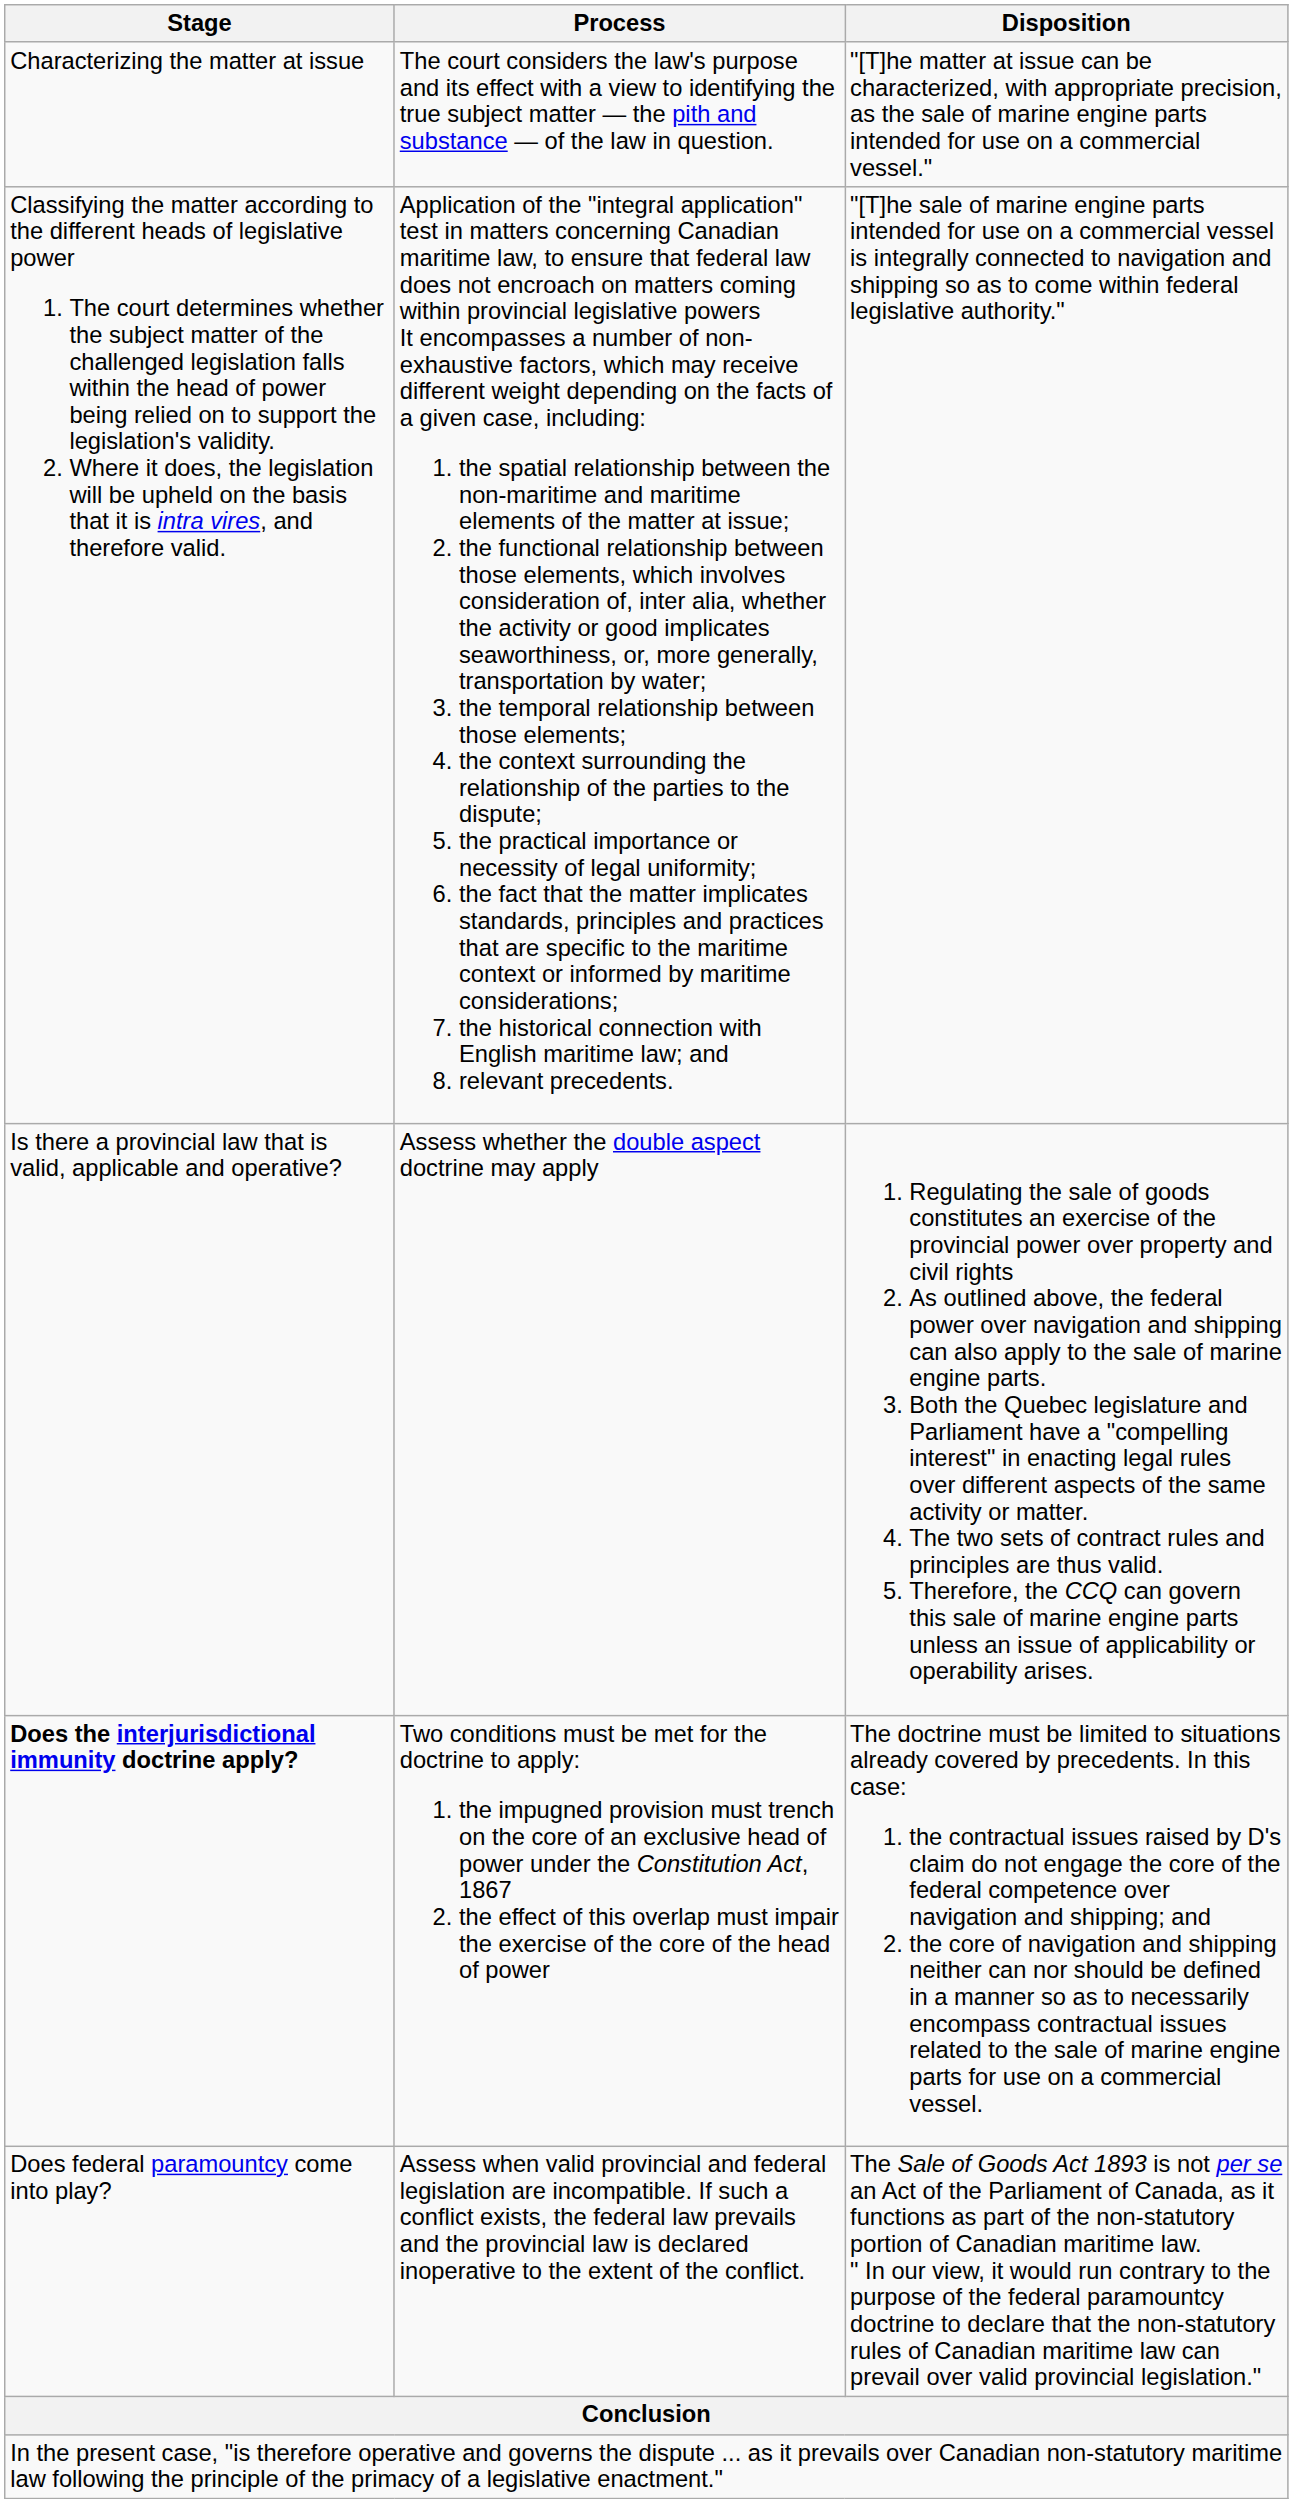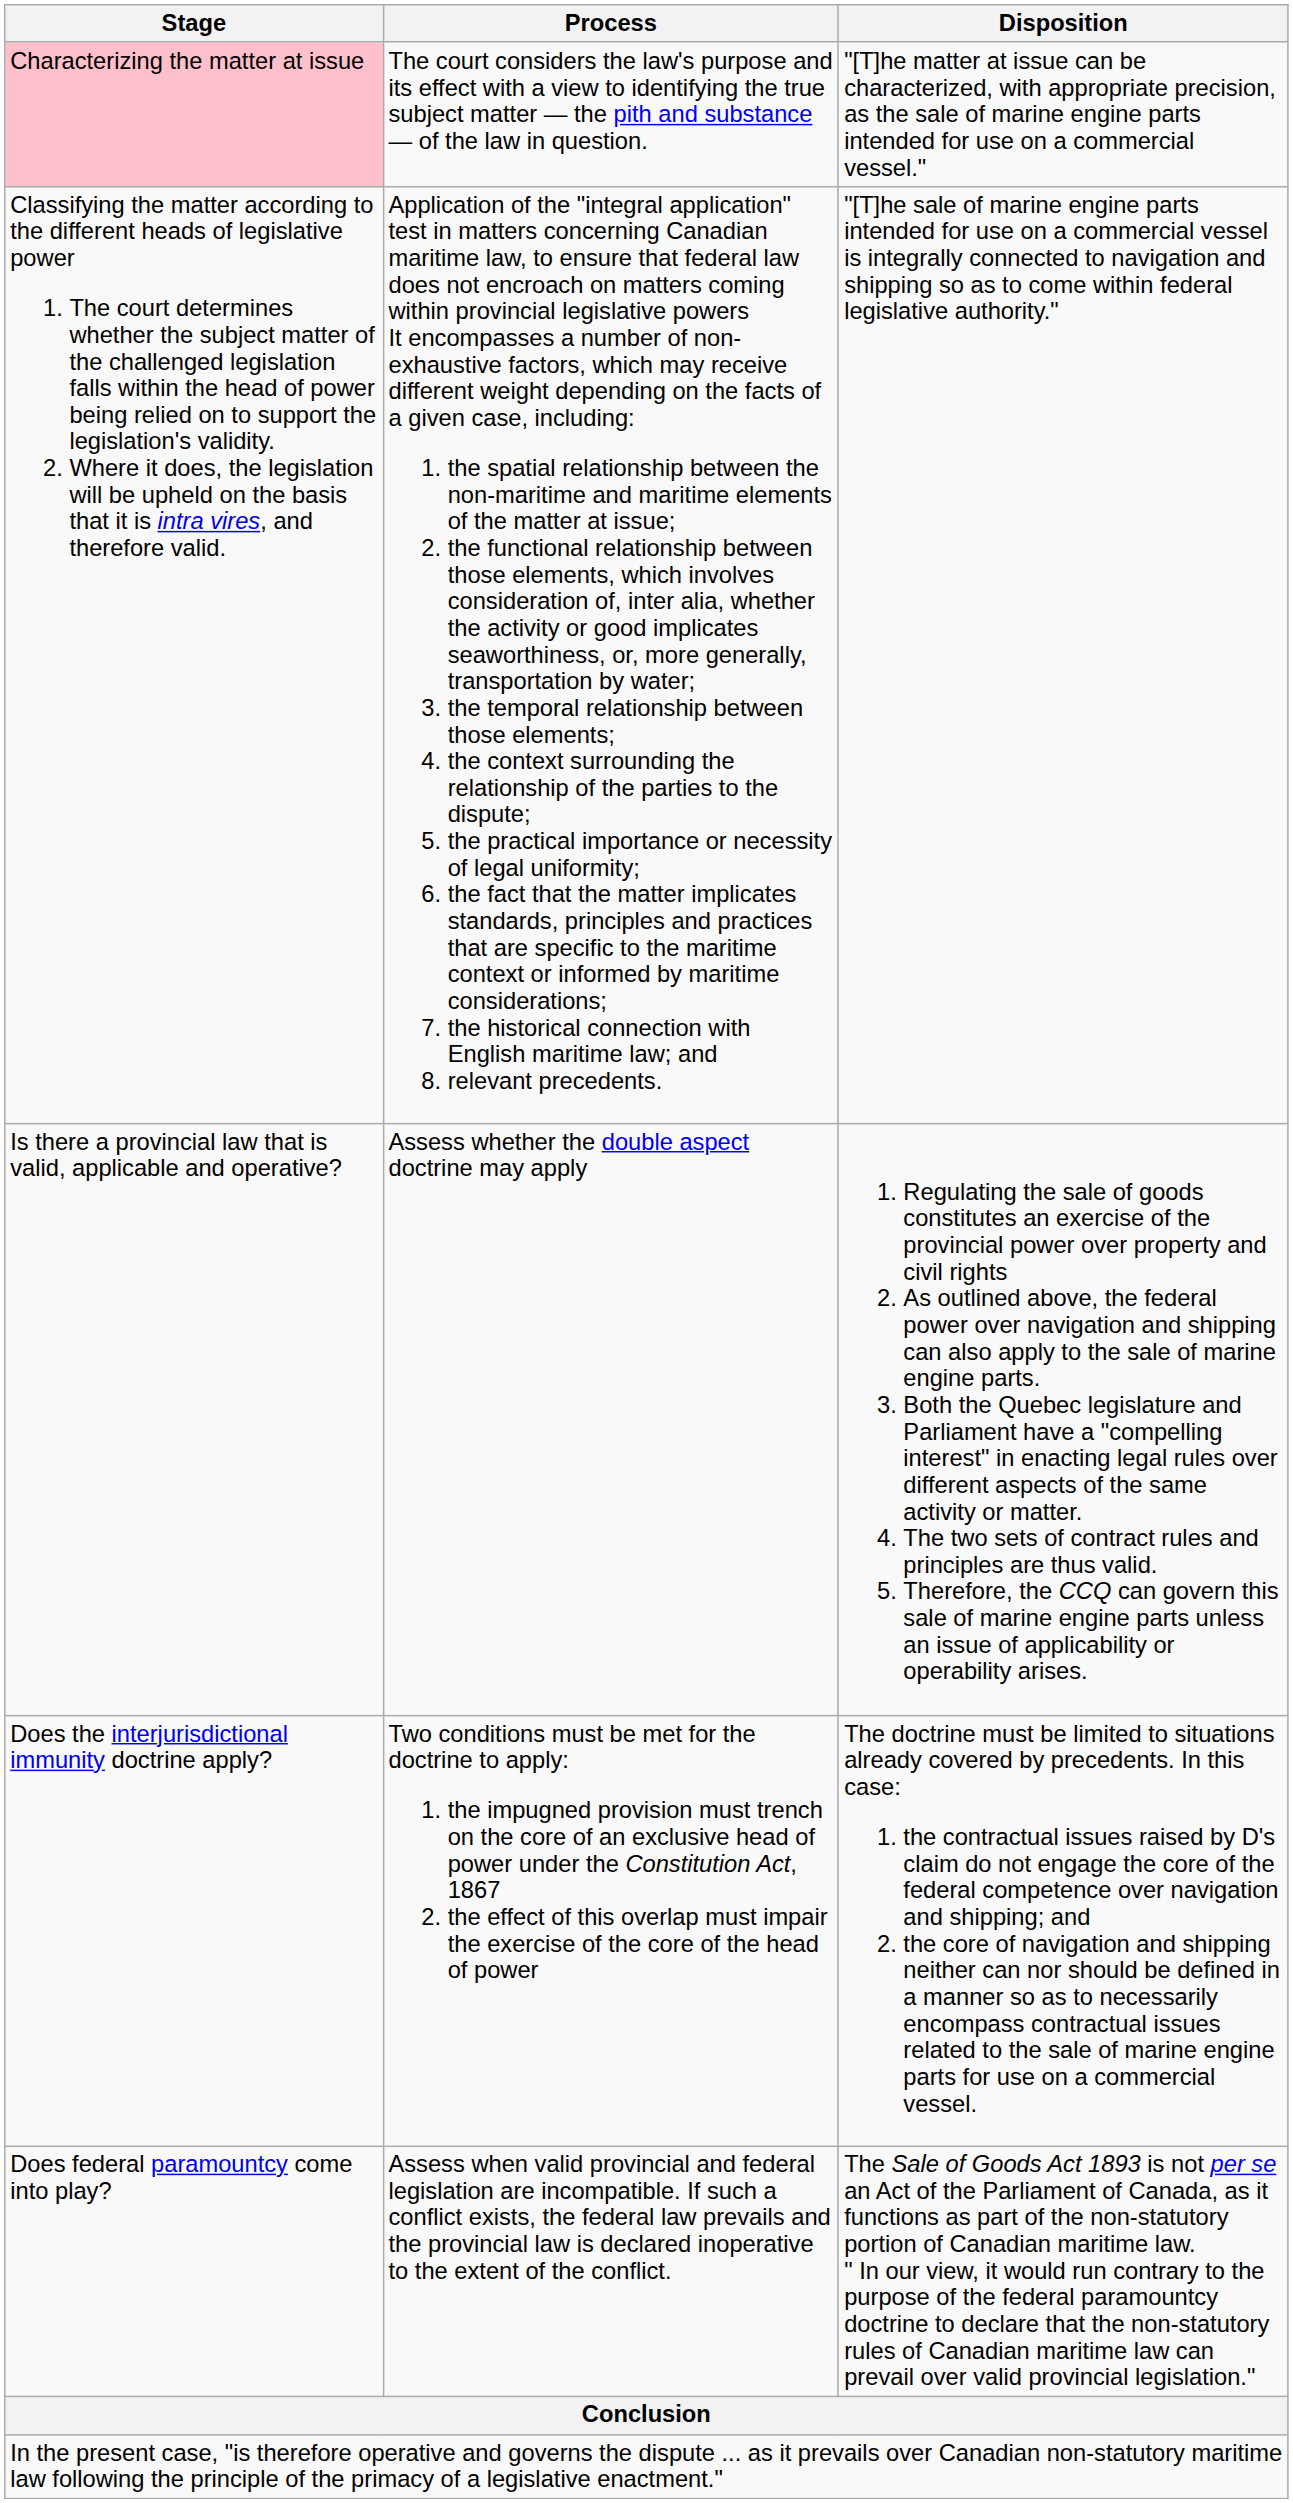 <table class="wikitable">
 <tr>
 <th>Stage</th>
 <th>Process</th>
 <th>Disposition</th>
 </tr>
 <tr valign="top">
-<td>Characterizing the matter at issue</td>
+<td style="background: pink;">Characterizing the matter at issue</td>
 <td>The court considers the law's purpose and its effect with a view to identifying the true subject matter — the <a href='#'>pith and substance</a> — of the law in question.</td>
 <td>"[T]he matter at issue can be characterized, with appropriate precision, as the sale of marine engine parts intended for use on a commercial vessel."</td>
 </tr>
 <tr valign="top">
 <td>Classifying the matter according to the different heads of legislative power<br><ol><li>The court determines whether the subject matter of the challenged legislation falls within the head of power being relied on to support the legislation's validity.</li><li>Where it does, the legislation will be upheld on the basis that it is <em><a href='#'>intra vires</a></em>, and therefore valid.</li></ol></td>
 <td>Application of the "integral application" test in matters concerning Canadian maritime law, to ensure that federal law does not encroach on matters coming within provincial legislative powers<br>It encompasses a number of non-exhaustive factors, which may receive different weight depending on the facts of a given case, including:<ol><li>the spatial relationship between the non-maritime and maritime elements of the matter at issue;</li><li>the functional relationship between those elements, which involves consideration of, inter alia, whether the activity or good implicates seaworthiness, or, more generally, transportation by water;</li><li>the temporal relationship between those elements;</li><li>the context surrounding the relationship of the parties to the dispute;</li><li>the practical importance or necessity of legal uniformity;</li><li>the fact that the matter implicates standards, principles and practices that are specific to the maritime context or informed by maritime considerations;</li><li>the historical connection with English maritime law; and</li><li>relevant precedents.</li></ol></td>
 <td>"[T]he sale of marine engine parts intended for use on a commercial vessel is integrally connected to navigation and shipping so as to come within federal legislative authority."</td>
 </tr>
 <tr valign="top">
 <td>Is there a provincial law that is valid, applicable and operative?</td>
 <td>Assess whether the <a href='#'>double aspect</a> doctrine may apply</td>
 <td><br><ol><li>Regulating the sale of goods constitutes an exercise of the provincial power over property and civil rights</li><li>As outlined above, the federal power over navigation and shipping can also apply to the sale of marine engine parts.</li><li>Both the Quebec legislature and Parliament have a "compelling interest" in enacting legal rules over different aspects of the same activity or matter.</li><li>The two sets of contract rules and principles are thus valid.</li><li>Therefore, the <em>CCQ</em> can govern this sale of marine engine parts unless an issue of applicability or operability arises.</li></ol></td>
 </tr>
 <tr valign="top">
-<td><strong>Does the <a href='#'>interjurisdictional immunity</a> doctrine apply?</strong></td>
+<td>Does the <a href='#'>interjurisdictional immunity</a> doctrine apply?</td>
 <td>Two conditions must be met for the doctrine to apply:<br><ol><li>the impugned provision must trench on the core of an exclusive head of power under the <em>Constitution Act</em>, 1867</li><li>the effect of this overlap must impair the exercise of the core of the head of power</li></ol></td>
 <td>The doctrine must be limited to situations already covered by precedents. In this case:<br><ol><li>the contractual issues raised by D's claim do not engage the core of the federal competence over navigation and shipping; and</li><li>the core of navigation and shipping neither can nor should be defined in a manner so as to necessarily encompass contractual issues related to the sale of marine engine parts for use on a commercial vessel.</li></ol></td>
 </tr>
 <tr valign="top">
 <td>Does federal <a href='#'>paramountcy</a> come into play?</td>
 <td>Assess when valid provincial and federal legislation are incompatible. If such a conflict exists, the federal law prevails and the provincial law is declared inoperative to the extent of the conflict.</td>
 <td>The <em>Sale of Goods Act 1893</em> is not <em><a href='#'>per se</a></em> an Act of the Parliament of Canada, as it functions as part of the non-statutory portion of Canadian maritime law.<br>" In our view, it would run contrary to the purpose of the federal paramountcy doctrine to declare that the non-statutory rules of Canadian maritime law can prevail over valid provincial legislation."</td>
 </tr>
 <tr>
 <th colspan="3">Conclusion</th>
 </tr>
 <tr valign="top">
 <td colspan="3">In the present case,  "is therefore operative and governs the dispute ... as it prevails over Canadian non-statutory maritime law following the principle of the primacy of a legislative enactment."</td>
 </tr>
 </table>
